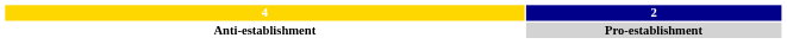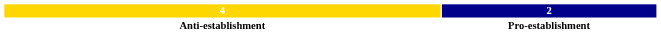 <table style="width:50%; text-align:center;">
 <tr style="color:white;">
 <td style="background:gold; width:67%;"><strong>4</strong></td>
 <td style="background:darkblue; width:33%;"><strong>2</strong></td>
 </tr>
 <tr>
 <td><span><strong>Anti-establishment</strong></span></td>
-<td style="background: lightgrey;"><span><strong>Pro-establishment</strong></span></td>
+<td><span><strong>Pro-establishment</strong></span></td>
 </tr>
 </table>
